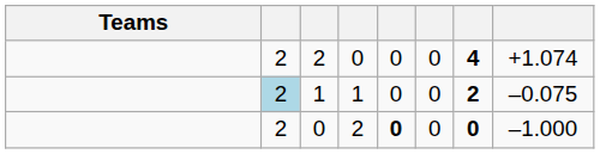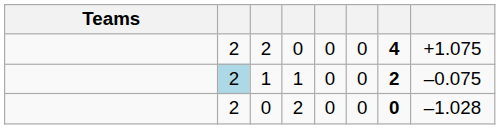 <table class="wikitable" style="text-align:center">
 <tr>
 <th style="width:175px;">Teams</th>
 <th style="width:20px;"></th>
 <th style="width:20px;"></th>
 <th style="width:20px;"></th>
 <th style="width:20px;"></th>
 <th style="width:20px;"></th>
 <th style="width:20px;"></th>
 <th style="width:65px;"></th>
 </tr>
 <tr>
 <td style="text-align:left"></td>
 <td>2</td>
 <td>2</td>
 <td>0</td>
 <td>0</td>
 <td>0</td>
 <td><strong>4</strong></td>
-<td>+1.074</td>
+<td>+1.075</td>
 </tr>
 <tr>
 <td style="text-align:left"></td>
 <td style="background: lightblue;">2</td>
 <td>1</td>
 <td>1</td>
 <td>0</td>
 <td>0</td>
 <td><strong>2</strong></td>
 <td>–0.075</td>
 </tr>
 <tr>
 <td style="text-align:left"></td>
 <td>2</td>
 <td>0</td>
 <td>2</td>
-<td><strong>0</strong></td>
+<td>0</td>
 <td>0</td>
 <td><strong>0</strong></td>
-<td>–1.000</td>
+<td>–1.028</td>
 </tr>
 </table>
